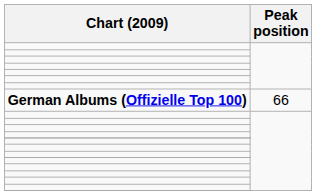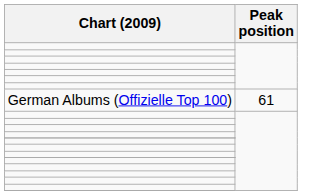 <table class="wikitable sortable plainrowheaders">
 <tr>
 <th>Chart (2009)</th>
 <th>Peak<br>position</th>
 </tr>
 <tr>
 <td></td>
 </tr>
 <tr>
 <td></td>
 </tr>
 <tr>
 <td></td>
 </tr>
 <tr>
 <td></td>
 </tr>
 <tr>
 <td></td>
 </tr>
 <tr>
 <td></td>
 </tr>
 <tr>
 <td></td>
 </tr>
 <tr>
-<td><strong>German Albums (<a href='#'>Offizielle Top 100</a>)</strong></td>
-<td align="center">66</td>
+<td>German Albums (<a href='#'>Offizielle Top 100</a>)</td>
+<td align="center">61</td>
 </tr>
 <tr>
 <td></td>
 </tr>
 <tr>
 <td></td>
 </tr>
 <tr>
 <td></td>
 </tr>
 <tr>
 <td></td>
 </tr>
 <tr>
 </tr>
 <tr>
 <td></td>
 </tr>
 <tr>
 <td></td>
 </tr>
 <tr>
 <td></td>
 </tr>
 <tr>
 </tr>
 <tr>
 <td></td>
 </tr>
 <tr>
 <td></td>
 </tr>
 <tr>
 <td></td>
 </tr>
 <tr>
 <td></td>
 </tr>
 <tr>
 <td></td>
 </tr>
 <tr>
 </tr>
 </table>
